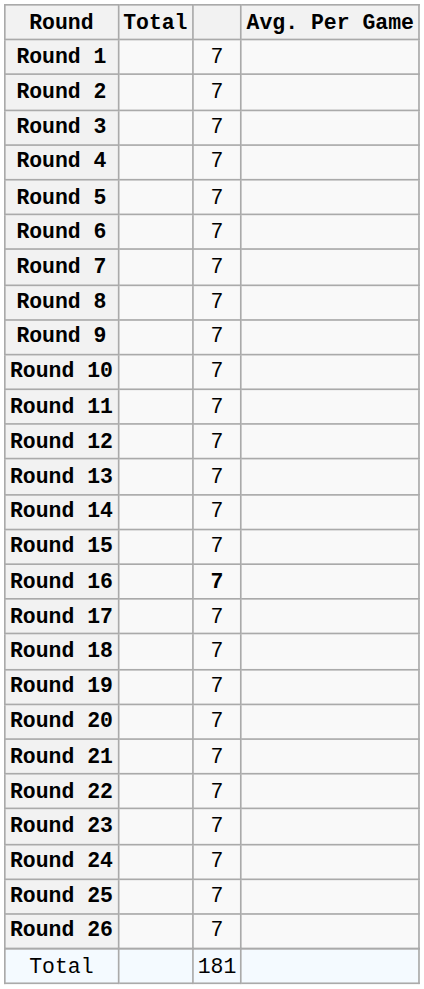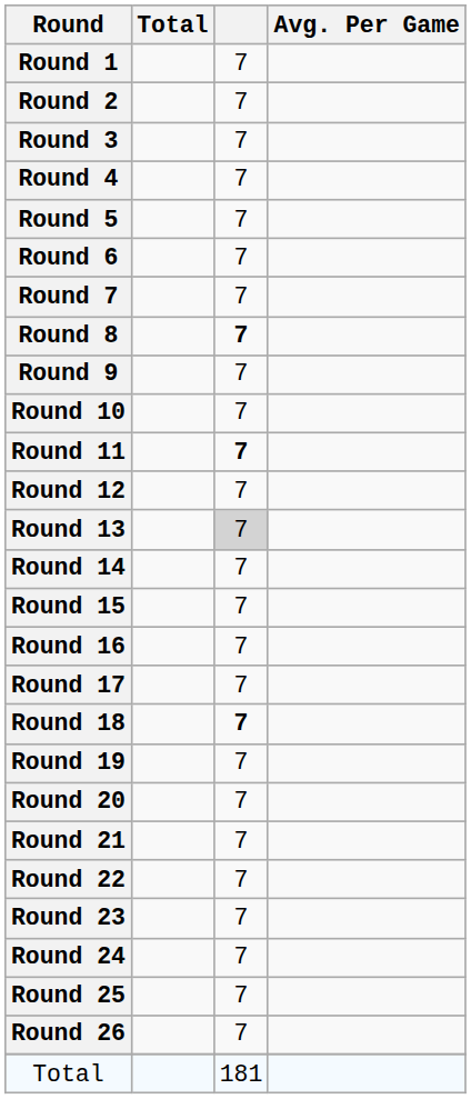 <table class="wikitable plainrowheaders sortable" style="text-align:center;">
 <tr>
 <th>Round</th>
 <th>Total</th>
 <th></th>
 <th>Avg. Per Game</th>
 </tr>
 <tr>
 <th scope='row'>Round 1</th>
 <td></td>
 <td>7</td>
 <td></td>
 </tr>
 <tr>
 <th scope='row'>Round 2</th>
 <td></td>
 <td>7</td>
 <td></td>
 </tr>
 <tr>
 <th scope='row'>Round 3</th>
 <td></td>
 <td>7</td>
 <td></td>
 </tr>
 <tr>
 <th scope='row'>Round 4</th>
 <td></td>
 <td>7</td>
 <td></td>
 </tr>
 <tr>
 <th scope='row'>Round 5</th>
 <td></td>
 <td>7</td>
 <td></td>
 </tr>
 <tr>
 <th scope='row'>Round 6</th>
 <td></td>
 <td>7</td>
 <td></td>
 </tr>
 <tr>
 <th scope='row'>Round 7</th>
 <td></td>
 <td>7</td>
 <td></td>
 </tr>
 <tr>
 <th scope='row'>Round 8</th>
 <td></td>
-<td>7</td>
+<td><strong>7</strong></td>
 <td></td>
 </tr>
 <tr>
 <th scope='row'>Round 9</th>
 <td></td>
 <td>7</td>
 <td></td>
 </tr>
 <tr>
 <th scope='row'>Round 10</th>
 <td></td>
 <td>7</td>
 <td></td>
 </tr>
 <tr>
 <th scope='row'>Round 11</th>
 <td></td>
-<td>7</td>
+<td><strong>7</strong></td>
 <td></td>
 </tr>
 <tr>
 <th scope='row'>Round 12</th>
 <td></td>
 <td>7</td>
 <td></td>
 </tr>
 <tr>
 <th scope='row'>Round 13</th>
 <td></td>
-<td>7</td>
+<td style="background: lightgrey;">7</td>
 <td></td>
 </tr>
 <tr>
 <th scope='row'>Round 14</th>
 <td></td>
 <td>7</td>
 <td></td>
 </tr>
 <tr>
 <th scope='row'>Round 15</th>
 <td></td>
 <td>7</td>
 <td></td>
 </tr>
 <tr>
 <th scope='row'>Round 16</th>
 <td></td>
-<td><strong>7</strong></td>
+<td>7</td>
 <td></td>
 </tr>
 <tr>
 <th scope='row'>Round 17</th>
 <td></td>
 <td>7</td>
 <td></td>
 </tr>
 <tr>
 <th scope='row'>Round 18</th>
 <td></td>
-<td>7</td>
+<td><strong>7</strong></td>
 <td></td>
 </tr>
 <tr>
 <th scope='row'>Round 19</th>
 <td></td>
 <td>7</td>
 <td></td>
 </tr>
 <tr>
 <th scope='row'>Round 20</th>
 <td></td>
 <td>7</td>
 <td></td>
 </tr>
 <tr>
 <th scope='row'>Round 21</th>
 <td></td>
 <td>7</td>
 <td></td>
 </tr>
 <tr>
 <th scope='row'>Round 22</th>
 <td></td>
 <td>7</td>
 <td></td>
 </tr>
 <tr>
 <th scope='row'>Round 23</th>
 <td></td>
 <td>7</td>
 <td></td>
 </tr>
 <tr>
 <th scope='row'>Round 24</th>
 <td></td>
 <td>7</td>
 <td></td>
 </tr>
 <tr>
 <th scope='row'>Round 25</th>
 <td></td>
 <td>7</td>
 <td></td>
 </tr>
 <tr>
 <th scope='row'>Round 26</th>
 <td></td>
 <td>7</td>
 <td></td>
 </tr>
 <tr>
 </tr>
 <tr style="background:#f4faff;">
 <td>Total</td>
 <td></td>
 <td>181</td>
 <td></td>
 </tr>
 </table>
